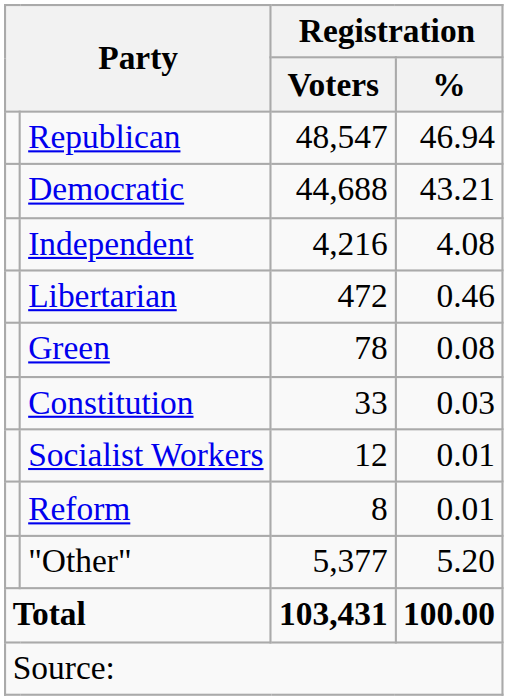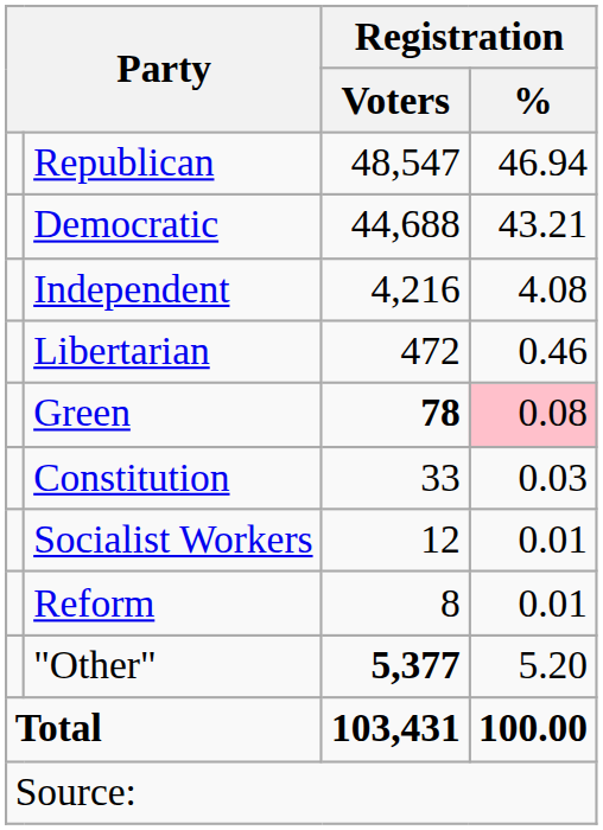 <table class="wikitable">
 <tr>
 <th colspan="2" rowspan="2">Party</th>
 <th colspan="2">Registration</th>
 </tr>
 <tr>
 <th>Voters</th>
 <th>%</th>
 </tr>
 <tr>
 <td style="background-color:"></td>
 <td><a href='#'>Republican</a></td>
 <td style="text-align:right;">48,547</td>
 <td style="text-align:right;">46.94</td>
 </tr>
 <tr>
 <td style="background-color:"></td>
 <td><a href='#'>Democratic</a></td>
 <td style="text-align:right;">44,688</td>
 <td style="text-align:right;">43.21</td>
 </tr>
 <tr>
 <td style="background-color:"></td>
 <td><a href='#'>Independent</a></td>
 <td style="text-align:right;">4,216</td>
 <td style="text-align:right;">4.08</td>
 </tr>
 <tr>
 <td style="background-color:"></td>
 <td><a href='#'>Libertarian</a></td>
 <td style="text-align:right;">472</td>
 <td style="text-align:right;">0.46</td>
 </tr>
 <tr>
 <td style="background-color:"></td>
 <td><a href='#'>Green</a></td>
-<td style="text-align:right;">78</td>
-<td style="text-align:right;">0.08</td>
+<td style="text-align:right;"><strong>78</strong></td>
+<td style="background: pink; text-align:right;">0.08</td>
 </tr>
 <tr>
 <td style="background-color:"></td>
 <td><a href='#'>Constitution</a></td>
 <td style="text-align:right;">33</td>
 <td style="text-align:right;">0.03</td>
 </tr>
 <tr>
 <td style="background-color:"></td>
 <td><a href='#'>Socialist Workers</a></td>
 <td style="text-align:right;">12</td>
 <td style="text-align:right;">0.01</td>
 </tr>
 <tr>
 <td style="background-color:"></td>
 <td><a href='#'>Reform</a></td>
 <td style="text-align:right;">8</td>
 <td style="text-align:right;">0.01</td>
 </tr>
 <tr>
 <td></td>
 <td>"Other"</td>
-<td style="text-align:right;">5,377</td>
+<td style="text-align:right;"><strong>5,377</strong></td>
 <td style="text-align:right;">5.20</td>
 </tr>
 <tr>
 <td colspan="2"><strong>Total</strong></td>
 <td style="text-align:right;"><strong>103,431</strong></td>
 <td style="text-align:right;"><strong>100.00</strong></td>
 </tr>
 <tr>
 <td colspan="4">Source: <em></em></td>
 </tr>
 </table>
